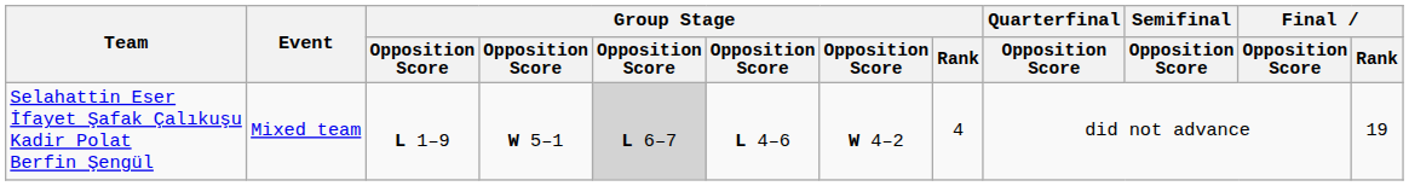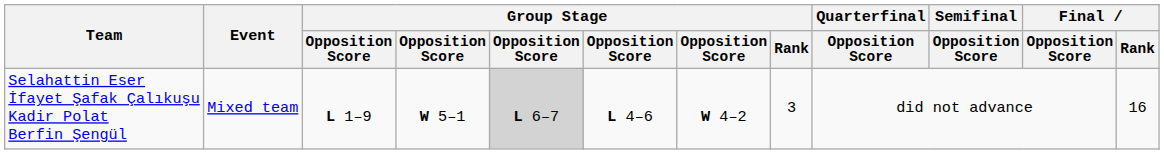 <table class="wikitable" style="font-size:90%">
 <tr>
 <th rowspan=2>Team</th>
 <th rowspan=2>Event</th>
 <th colspan=6>Group Stage</th>
 <th>Quarterfinal</th>
 <th>Semifinal</th>
 <th colspan=2>Final / </th>
 </tr>
 <tr style="font-size:95%">
 <th>Opposition<br>Score</th>
 <th>Opposition<br>Score</th>
 <th>Opposition<br>Score</th>
 <th>Opposition<br>Score</th>
 <th>Opposition<br>Score</th>
 <th>Rank</th>
 <th>Opposition<br>Score</th>
 <th>Opposition<br>Score</th>
 <th>Opposition<br>Score</th>
 <th>Rank</th>
 </tr>
 <tr align=center>
 <td align=left><a href='#'>Selahattin Eser</a><br><a href='#'>İfayet Şafak Çalıkuşu</a><br><a href='#'>Kadir Polat</a><br><a href='#'>Berfin Şengül</a></td>
 <td align=left><a href='#'>Mixed team</a></td>
 <td><br><strong>L</strong> 1–9</td>
 <td><br><strong>W</strong> 5–1</td>
 <td style="background: lightgrey;"><br><strong>L</strong> 6–7</td>
 <td><br><strong>L</strong> 4–6</td>
 <td><br><strong>W</strong> 4–2</td>
-<td>4</td>
+<td>3</td>
 <td align=center colspan=3>did not advance</td>
-<td>19</td>
+<td>16</td>
 </tr>
 </table>
